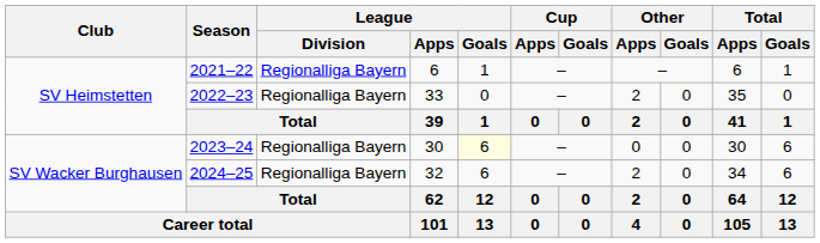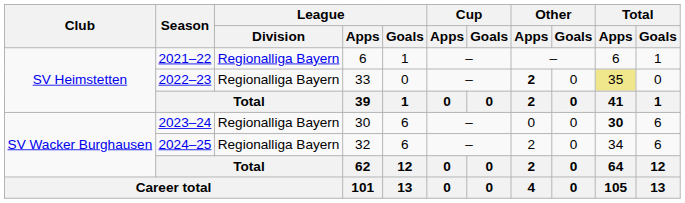 <table class="wikitable" style="text-align:center">
 <tr>
 <th rowspan="2">Club</th>
 <th rowspan="2">Season</th>
 <th colspan="3">League</th>
 <th colspan="2">Cup</th>
 <th colspan="2">Other</th>
 <th colspan="2">Total</th>
 </tr>
 <tr>
 <th>Division</th>
 <th>Apps</th>
 <th>Goals</th>
 <th>Apps</th>
 <th>Goals</th>
 <th>Apps</th>
 <th>Goals</th>
 <th>Apps</th>
 <th>Goals</th>
 </tr>
 <tr>
 <td rowspan="3"><a href='#'>SV Heimstetten</a></td>
 <td><a href='#'>2021–22</a></td>
 <td><a href='#'>Regionalliga Bayern</a></td>
 <td>6</td>
 <td>1</td>
 <td colspan="2">–</td>
 <td colspan="2">–</td>
 <td>6</td>
 <td>1</td>
 </tr>
 <tr>
 <td><a href='#'>2022–23</a></td>
 <td>Regionalliga Bayern</td>
 <td>33</td>
 <td>0</td>
 <td colspan="2">–</td>
-<td>2</td>
+<td><strong>2</strong></td>
 <td>0</td>
-<td>35</td>
+<td style="background: khaki;">35</td>
 <td>0</td>
 </tr>
 <tr>
 <th colspan="2">Total</th>
 <th>39</th>
 <th>1</th>
 <th>0</th>
 <th>0</th>
 <th>2</th>
 <th>0</th>
 <th>41</th>
 <th>1</th>
 </tr>
 <tr>
 <td rowspan=3><a href='#'>SV Wacker Burghausen</a></td>
 <td><a href='#'>2023–24</a></td>
 <td>Regionalliga Bayern</td>
 <td>30</td>
-<td style="background: lightyellow;">6</td>
+<td>6</td>
 <td colspan="2">–</td>
 <td>0</td>
 <td>0</td>
-<td>30</td>
+<td><strong>30</strong></td>
 <td>6</td>
 </tr>
 <tr>
 <td><a href='#'>2024–25</a></td>
 <td>Regionalliga Bayern</td>
 <td>32</td>
 <td>6</td>
 <td colspan=2>–</td>
 <td>2</td>
 <td>0</td>
 <td>34</td>
 <td>6</td>
 </tr>
 <tr>
 <th colspan="2">Total</th>
 <th>62</th>
 <th>12</th>
 <th>0</th>
 <th>0</th>
 <th>2</th>
 <th>0</th>
 <th>64</th>
 <th>12</th>
 </tr>
 <tr>
 <th colspan="3">Career total</th>
 <th>101</th>
 <th>13</th>
 <th>0</th>
 <th>0</th>
 <th>4</th>
 <th>0</th>
 <th>105</th>
 <th>13</th>
 </tr>
 </table>
